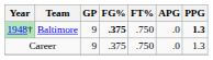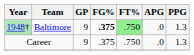 <table class="wikitable sortable" style="font-size:95%; text-align:right;">
 <tr>
 <th>Year</th>
 <th>Team</th>
 <th>GP</th>
 <th>FG%</th>
 <th>FT%</th>
 <th>APG</th>
 <th>PPG</th>
 </tr>
 <tr>
 <td style="text-align:left; background:#afe6ba"><a href='#'>1948</a>†</td>
 <td style="text-align:left;"><a href='#'>Baltimore</a></td>
 <td>9</td>
 <td><strong>.375</strong></td>
-<td>.750</td>
+<td style="background: lightgreen;">.750</td>
 <td>.0</td>
-<td><strong>1.3</strong></td>
+<td>1.3</td>
 </tr>
 <tr>
 <td style="text-align:center;" colspan="2">Career</td>
 <td>9</td>
 <td>.375</td>
 <td>.750</td>
 <td>.0</td>
 <td>1.3</td>
 </tr>
 <tr>
 </tr>
 </table>
